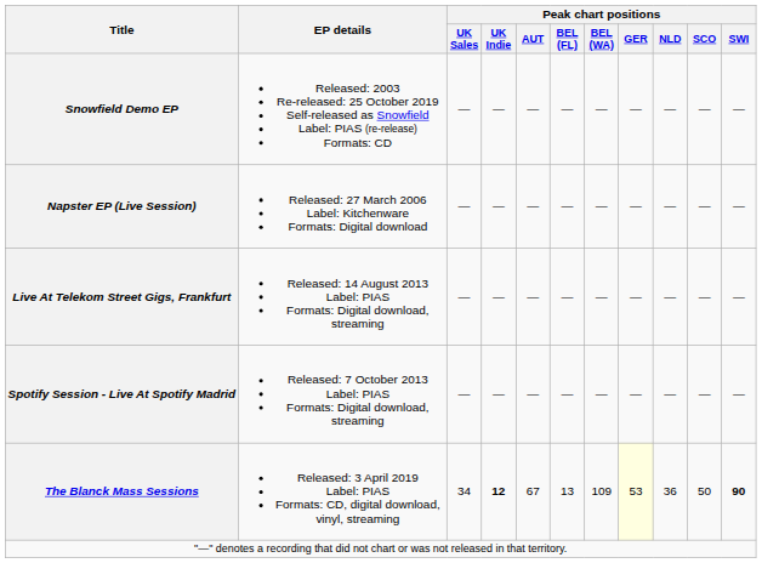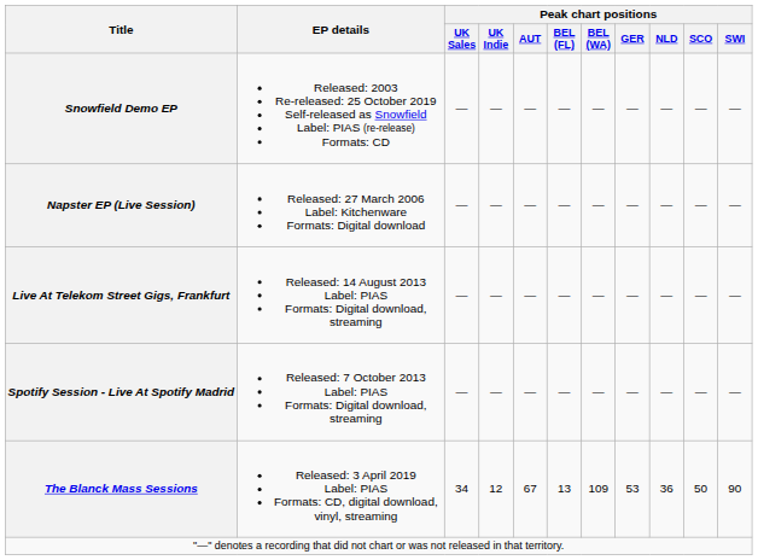 <table class="wikitable plainrowheaders" style="text-align:center;" border="1">
 <tr>
 <th scope="col" rowspan="2">Title</th>
 <th scope="col" rowspan="2" width="270">EP details</th>
 <th scope="col" colspan="9">Peak chart positions</th>
 </tr>
 <tr>
 <th scope="col" style="width:2.7em;font-size:90%;"><a href='#'>UK<br>Sales</a><br></th>
 <th scope="col" style="width:2.7em;font-size:90%;"><a href='#'>UK<br>Indie</a><br></th>
 <th scope="col" style="width:2.7em;font-size:90%;"><a href='#'>AUT</a><br></th>
 <th scope="col" style="width:2.7em;font-size:90%;"><a href='#'>BEL<br>(FL)</a><br></th>
 <th scope="col" style="width:2.7em;font-size:90%;"><a href='#'>BEL<br>(WA)</a><br></th>
 <th scope="col" style="width:2.7em;font-size:90%;"><a href='#'>GER</a><br></th>
 <th scope="col" style="width:2.7em;font-size:90%;"><a href='#'>NLD</a><br></th>
 <th scope="col" style="width:2.7em;font-size:90%;"><a href='#'>SCO</a><br></th>
 <th scope="col" style="width:2.7em;font-size:90%;"><a href='#'>SWI</a><br></th>
 </tr>
 <tr>
 <th scope="row"><em>Snowfield Demo EP</em></th>
 <td><br><ul><li>Released: 2003</li><li>Re-released: 25 October 2019</li><li>Self-released as <a href='#'>Snowfield</a></li><li>Label: PIAS <small>(re-release)</small></li><li>Formats: CD</li></ul></td>
 <td>—</td>
 <td>—</td>
 <td>—</td>
 <td>—</td>
 <td>—</td>
 <td>—</td>
 <td>—</td>
 <td>—</td>
 <td>—</td>
 </tr>
 <tr>
 <th scope="row"><em>Napster EP (Live Session)</em></th>
 <td><br><ul><li>Released: 27 March 2006</li><li>Label: Kitchenware</li><li>Formats: Digital download</li></ul></td>
 <td>—</td>
 <td>—</td>
 <td>—</td>
 <td>—</td>
 <td>—</td>
 <td>—</td>
 <td>—</td>
 <td>—</td>
 <td>—</td>
 </tr>
 <tr>
 <th scope="row"><em>Live At Telekom Street Gigs, Frankfurt</em></th>
 <td><br><ul><li>Released: 14 August 2013</li><li>Label: PIAS</li><li>Formats: Digital download, streaming</li></ul></td>
 <td>—</td>
 <td>—</td>
 <td>—</td>
 <td>—</td>
 <td>—</td>
 <td>—</td>
 <td>—</td>
 <td>—</td>
 <td>—</td>
 </tr>
 <tr>
 <th scope="row"><em>Spotify Session - Live At Spotify Madrid</em></th>
 <td><br><ul><li>Released: 7 October 2013</li><li>Label: PIAS</li><li>Formats: Digital download, streaming</li></ul></td>
 <td>—</td>
 <td>—</td>
 <td>—</td>
 <td>—</td>
 <td>—</td>
 <td>—</td>
 <td>—</td>
 <td>—</td>
 <td>—</td>
 </tr>
 <tr>
 <th scope="row"><em><a href='#'>The Blanck Mass Sessions</a></em></th>
 <td><br><ul><li>Released: 3 April 2019</li><li>Label: PIAS</li><li>Formats: CD, digital download, vinyl, streaming</li></ul></td>
 <td>34</td>
-<td><strong>12</strong></td>
+<td>12</td>
 <td>67</td>
 <td>13</td>
 <td>109</td>
-<td style="background: lightyellow;">53</td>
+<td>53</td>
 <td>36</td>
 <td>50</td>
-<td><strong>90</strong></td>
+<td>90</td>
 </tr>
 <tr>
 <td colspan="18" style="font-size:90%">"—" denotes a recording that did not chart or was not released in that territory.</td>
 </tr>
 </table>
